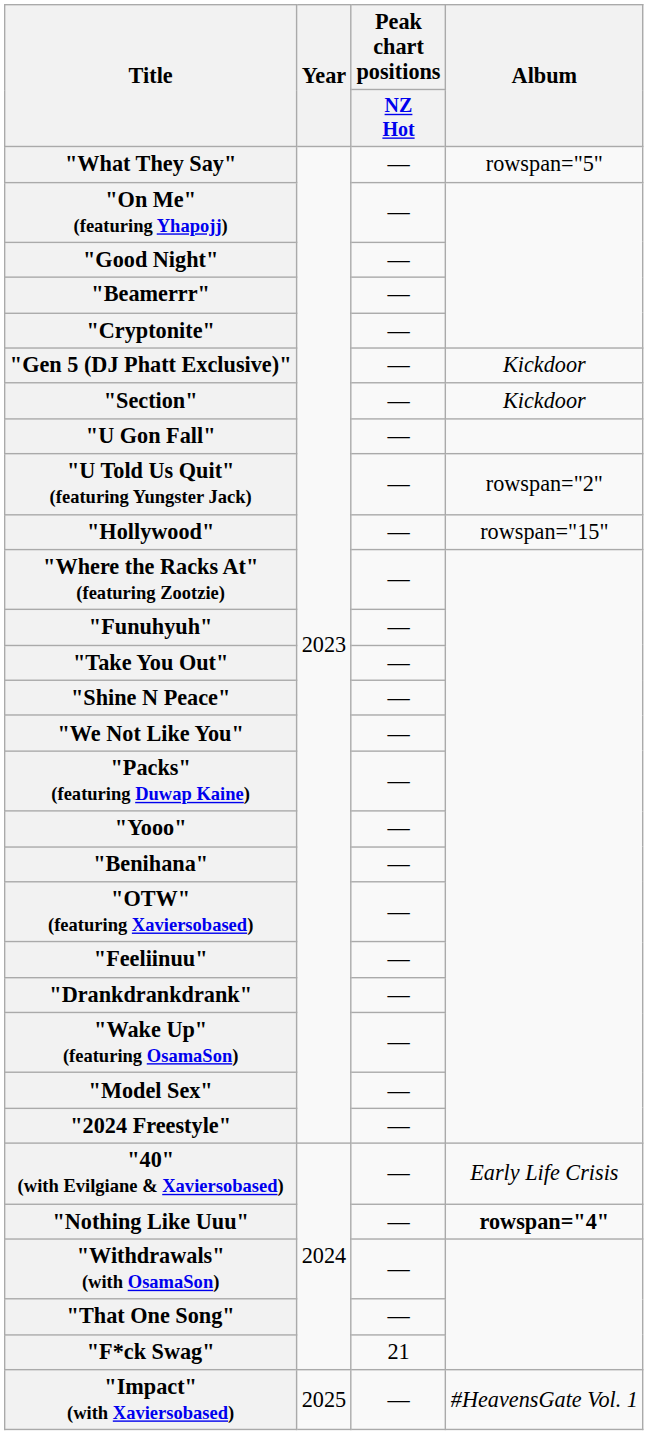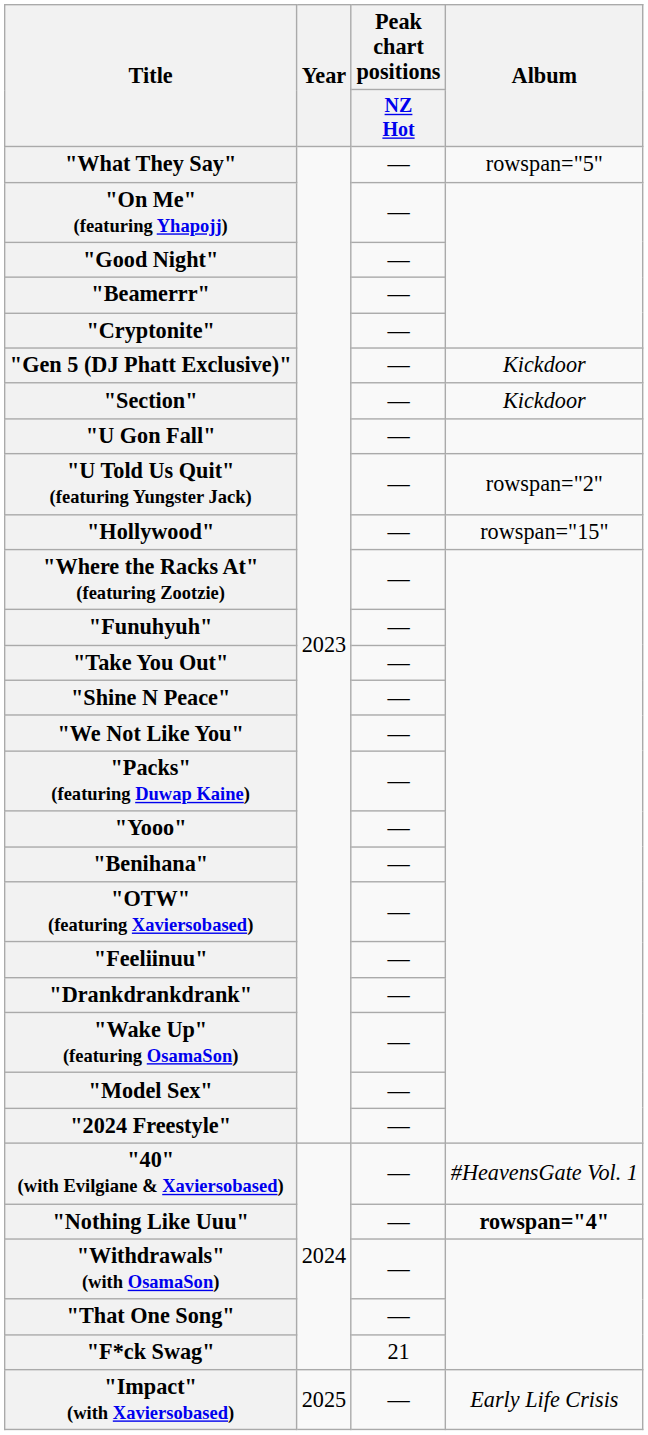 <table class="wikitable plainrowheaders" style="text-align:center;">
 <tr>
 <th scope="col" rowspan="2">Title</th>
 <th scope="col" rowspan="2">Year</th>
 <th scope="col" colspan="1">Peak chart positions</th>
 <th scope="col" rowspan="2">Album</th>
 </tr>
 <tr>
 <th scope="col" style="width:3em; font-size:90%"><a href='#'>NZ<br>Hot</a><br></th>
 </tr>
 <tr>
 <th scope="row">"What They Say"</th>
 <td rowspan="24">2023</td>
 <td>—</td>
 <td>rowspan="5" </td>
 </tr>
 <tr>
 <th scope="row">"On Me"<br><small>(featuring <a href='#'>Yhapojj</a>)</small></th>
 <td>—</td>
 </tr>
 <tr>
 <th scope="row">"Good Night"</th>
 <td>—</td>
 </tr>
 <tr>
 <th scope="row">"Beamerrr"</th>
 <td>—</td>
 </tr>
 <tr>
 <th scope="row">"Cryptonite"</th>
 <td>—</td>
 </tr>
 <tr>
 <th scope="row">"Gen 5 (DJ Phatt Exclusive)"</th>
 <td>—</td>
 <td><em>Kickdoor</em></td>
 </tr>
 <tr>
 <th scope="row">"Section"</th>
 <td>—</td>
 <td><em>Kickdoor</em></td>
 </tr>
 <tr>
 <th scope="row">"U Gon Fall"</th>
 <td>—</td>
 </tr>
 <tr>
 <th scope="row">"U Told Us Quit"<br><small>(featuring Yungster Jack)</small></th>
 <td>—</td>
 <td>rowspan="2" </td>
 </tr>
 <tr>
 <th scope="row">"Hollywood"</th>
 <td>—</td>
 <td>rowspan="15" </td>
 </tr>
 <tr>
 <th scope="row">"Where the Racks At"<br><small>(featuring Zootzie)</small></th>
 <td>—</td>
 </tr>
 <tr>
 <th scope="row">"Funuhyuh"</th>
 <td>—</td>
 </tr>
 <tr>
 <th scope="row">"Take You Out"</th>
 <td>—</td>
 </tr>
 <tr>
 <th scope="row">"Shine N Peace"</th>
 <td>—</td>
 </tr>
 <tr>
 <th scope="row">"We Not Like You"</th>
 <td>—</td>
 </tr>
 <tr>
 <th scope="row">"Packs"<br><small>(featuring <a href='#'>Duwap Kaine</a>)</small></th>
 <td>—</td>
 </tr>
 <tr>
 <th scope="row">"Yooo"</th>
 <td>—</td>
 </tr>
 <tr>
 <th scope="row">"Benihana"</th>
 <td>—</td>
 </tr>
 <tr>
 <th scope="row">"OTW"<br><small>(featuring <a href='#'>Xaviersobased</a>)</small></th>
 <td>—</td>
 </tr>
 <tr>
 <th scope="row">"Feeliinuu"</th>
 <td>—</td>
 </tr>
 <tr>
 <th scope="row">"Drankdrankdrank"</th>
 <td>—</td>
 </tr>
 <tr>
 <th scope="row">"Wake Up"<br><small>(featuring <a href='#'>OsamaSon</a>)</small></th>
 <td>—</td>
 </tr>
 <tr>
 <th scope="row">"Model Sex"</th>
 <td>—</td>
 </tr>
 <tr>
 <th scope="row">"2024 Freestyle"</th>
 <td>—</td>
 </tr>
 <tr>
 <th scope="row">"40"<br><small>(with Evilgiane & <a href='#'>Xaviersobased</a>)</small></th>
 <td rowspan="5">2024</td>
 <td>—</td>
-<td><em>Early Life Crisis</em></td>
+<td><em>#HeavensGate Vol. 1</em></td>
 </tr>
 <tr>
 <th scope="row">"Nothing Like Uuu"</th>
 <td>—</td>
 <td><strong>rowspan="4" </strong></td>
 </tr>
 <tr>
 <th scope="row">"Withdrawals"<br><small>(with <a href='#'>OsamaSon</a>)</small></th>
 <td>—</td>
 </tr>
 <tr>
 <th scope="row">"That One Song"</th>
 <td>—</td>
 </tr>
 <tr>
 <th scope="row">"F*ck Swag"</th>
 <td>21</td>
 </tr>
 <tr>
 <th scope="row">"Impact"<br><small>(with <a href='#'>Xaviersobased</a>)</small></th>
 <td>2025</td>
 <td>—</td>
-<td><em>#HeavensGate Vol. 1</em></td>
+<td><em>Early Life Crisis</em></td>
 </tr>
 </table>
